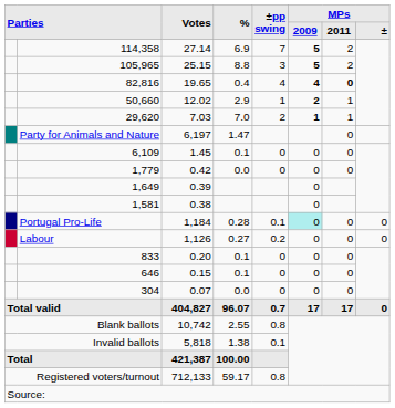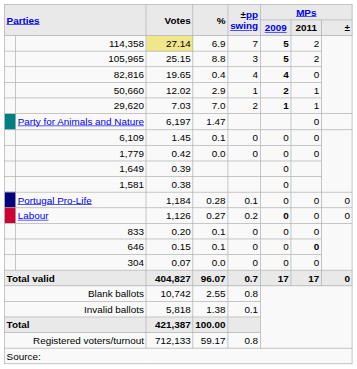 <table class="wikitable" style="text-align:right; font-size:95%;">
 <tr>
 <th rowspan="2" colspan="2" style="background:#e9e9e9; text-align:left;" alignleft><a href='#'>Parties</a></th>
 <th rowspan="2" style="background:#e9e9e9; text-align:right;">Votes</th>
 <th rowspan="2" style="background:#e9e9e9; text-align:right;">%</th>
 <th rowspan="2" style="background:#e9e9e9; text-align:right;">±<a href='#'>pp</a> <a href='#'>swing</a></th>
 <th colspan="3" style="background:#e9e9e9; text-align:center;"><a href='#'>MPs</a></th>
 </tr>
 <tr style="background-color:#E9E9E9">
 <th style="background-color:#E9E9E9;text-align:center;"><a href='#'>2009</a></th>
 <th style="background-color:#E9E9E9;text-align:center;">2011</th>
 <th style="background:#e9e9e9; text-align:right;">±</th>
 </tr>
 <tr>
 <td></td>
 <td>114,358</td>
-<td>27.14</td>
+<td style="background: khaki;">27.14</td>
 <td>6.9</td>
 <td>7</td>
 <td><strong>5</strong></td>
 <td>2</td>
 </tr>
 <tr>
 <td></td>
 <td>105,965</td>
 <td>25.15</td>
 <td>8.8</td>
 <td>3</td>
 <td><strong>5</strong></td>
 <td>2</td>
 </tr>
 <tr>
 <td></td>
 <td>82,816</td>
 <td>19.65</td>
 <td>0.4</td>
 <td>4</td>
 <td><strong>4</strong></td>
-<td><strong>0</strong></td>
+<td>0</td>
 </tr>
 <tr>
 <td></td>
 <td>50,660</td>
 <td>12.02</td>
 <td>2.9</td>
 <td>1</td>
 <td><strong>2</strong></td>
 <td>1</td>
 </tr>
 <tr>
 <td></td>
 <td>29,620</td>
 <td>7.03</td>
 <td>7.0</td>
 <td>2</td>
 <td><strong>1</strong></td>
 <td>1</td>
 </tr>
 <tr>
 <td style="width: 10px" bgcolor="teal" align="center"></td>
 <td align="left"><a href='#'>Party for Animals and Nature</a></td>
 <td>6,197</td>
 <td>1.47</td>
 <td></td>
 <td></td>
 <td>0</td>
 <td></td>
 </tr>
 <tr>
 <td></td>
 <td>6,109</td>
 <td>1.45</td>
 <td>0.1</td>
 <td>0</td>
 <td>0</td>
 <td>0</td>
 </tr>
 <tr>
 <td></td>
 <td>1,779</td>
 <td>0.42</td>
 <td>0.0</td>
 <td>0</td>
 <td>0</td>
 <td>0</td>
 </tr>
 <tr>
 <td></td>
 <td>1,649</td>
 <td>0.39</td>
 <td></td>
 <td></td>
 <td>0</td>
 <td></td>
 </tr>
 <tr>
 <td></td>
 <td>1,581</td>
 <td>0.38</td>
 <td></td>
 <td></td>
 <td>0</td>
 <td></td>
 </tr>
 <tr>
 <td style="width:10px;background-color:#000080;text-align:center;"></td>
 <td style="text-align:left;"><a href='#'>Portugal Pro-Life</a></td>
 <td>1,184</td>
 <td>0.28</td>
 <td>0.1</td>
-<td style="background: paleturquoise;">0</td>
+<td>0</td>
 <td>0</td>
 <td>0</td>
 </tr>
 <tr>
 <td style="width: 10px" bgcolor=#CC0033 align="center"></td>
 <td align=left><a href='#'>Labour</a></td>
 <td>1,126</td>
 <td>0.27</td>
 <td>0.2</td>
-<td>0</td>
+<td><strong>0</strong></td>
 <td>0</td>
 <td>0</td>
 </tr>
 <tr>
 <td></td>
 <td>833</td>
 <td>0.20</td>
 <td>0.1</td>
 <td>0</td>
 <td>0</td>
 <td>0</td>
 </tr>
 <tr>
 <td></td>
 <td>646</td>
 <td>0.15</td>
 <td>0.1</td>
 <td>0</td>
 <td>0</td>
-<td>0</td>
+<td><strong>0</strong></td>
 </tr>
 <tr>
 <td></td>
 <td>304</td>
 <td>0.07</td>
 <td>0.0</td>
 <td>0</td>
 <td>0</td>
 <td>0</td>
 </tr>
 <tr>
 <td colspan=2 align=left style="background-color:#E9E9E9"><strong>Total valid</strong></td>
 <td width="65" align="right" style="background-color:#E9E9E9"><strong>404,827</strong></td>
 <td width="40" align="right" style="background-color:#E9E9E9"><strong>96.07</strong></td>
 <td width="40" align="right" style="background-color:#E9E9E9"><strong>0.7</strong></td>
 <td width="40" align="right" style="background-color:#E9E9E9"><strong>17</strong></td>
 <td width="40" align="right" style="background-color:#E9E9E9"><strong>17</strong></td>
 <td width="40" align="right" style="background-color:#E9E9E9"><strong>0</strong></td>
 </tr>
 <tr>
 <td colspan=2>Blank ballots</td>
 <td>10,742</td>
 <td>2.55</td>
 <td>0.8</td>
 <td colspan=4 rowspan=4></td>
 </tr>
 <tr>
 <td colspan=2>Invalid ballots</td>
 <td>5,818</td>
 <td>1.38</td>
 <td>0.1</td>
 </tr>
 <tr>
 <td colspan=2 align=left style="background-color:#E9E9E9"><strong>Total</strong></td>
 <td width="50" align="right" style="background-color:#E9E9E9"><strong>421,387</strong></td>
 <td width="40" align="right" style="background-color:#E9E9E9"><strong>100.00</strong></td>
 <td width="40" align="right" style="background-color:#E9E9E9"></td>
 </tr>
 <tr>
 <td colspan=2>Registered voters/turnout</td>
 <td>712,133</td>
 <td>59.17</td>
 <td>0.8</td>
 </tr>
 <tr>
 <td colspan=11 align=left>Source: </td>
 </tr>
 </table>
